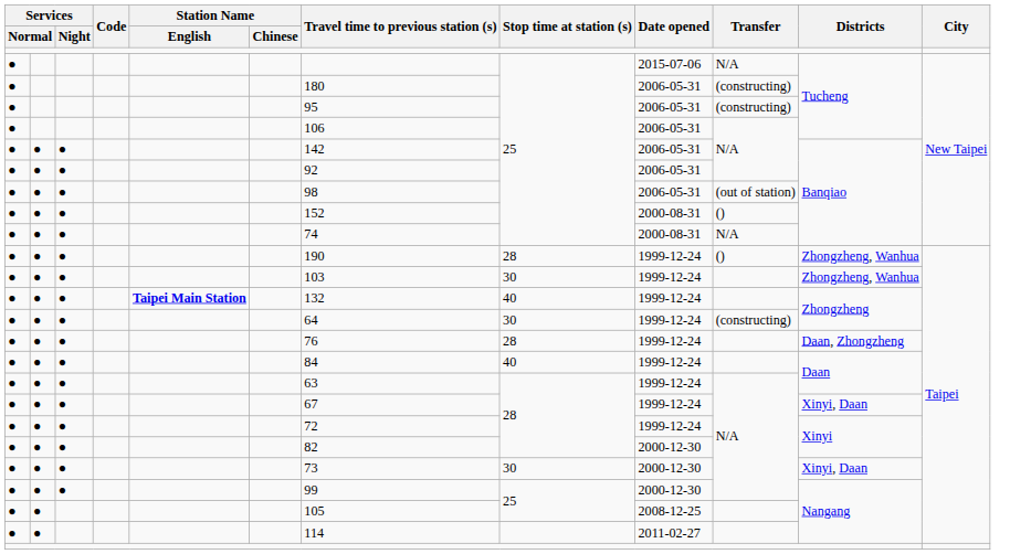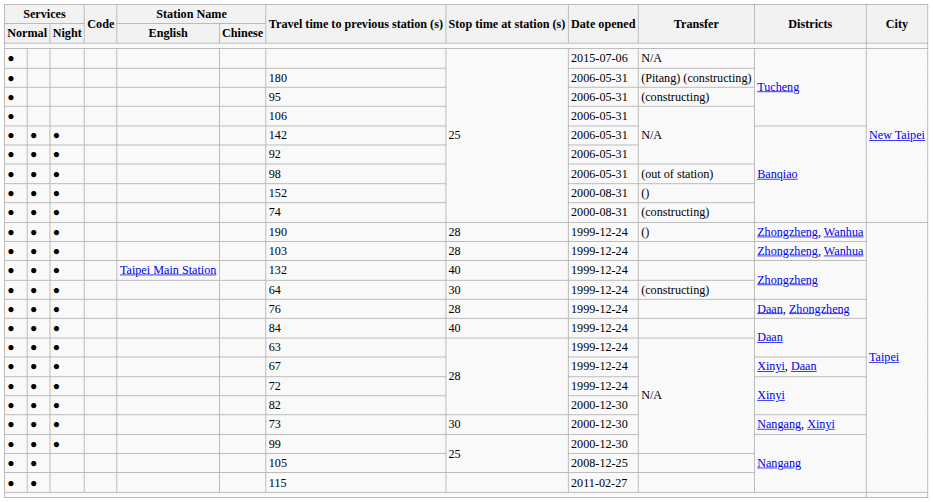 <table class="wikitable sortable">
 <tr>
 <th colspan="3">Services</th>
 <th rowspan="2">Code</th>
 <th colspan="2">Station Name</th>
 <th rowspan="2">Travel time to previous station (s)</th>
 <th rowspan="2">Stop time at station (s)</th>
 <th rowspan="2">Date opened</th>
 <th rowspan="2">Transfer</th>
 <th rowspan="2">Districts</th>
 <th rowspan="2">City</th>
 </tr>
 <tr>
 <th colspan="2">Normal</th>
 <th>Night</th>
 <th>English</th>
 <th>Chinese</th>
 </tr>
 <tr>
 <td colspan="11"></td>
 </tr>
 <tr>
 <td>●</td>
 <td></td>
 <td></td>
 <td></td>
 <td></td>
 <td></td>
 <td></td>
 <td rowspan="9">25</td>
 <td>2015-07-06</td>
 <td>N/A</td>
 <td rowspan="4"><a href='#'>Tucheng</a></td>
 <td rowspan="9"><a href='#'>New Taipei</a></td>
 </tr>
 <tr>
 <td>●</td>
 <td></td>
 <td></td>
 <td></td>
 <td></td>
 <td></td>
 <td>180</td>
 <td>2006-05-31</td>
-<td> (constructing)</td>
+<td> (Pitang) (constructing)</td>
 </tr>
 <tr>
 <td>●</td>
 <td></td>
 <td></td>
 <td></td>
 <td></td>
 <td></td>
 <td>95</td>
 <td>2006-05-31</td>
 <td> (constructing)</td>
 </tr>
 <tr>
 <td>●</td>
 <td></td>
 <td></td>
 <td></td>
 <td></td>
 <td></td>
 <td>106</td>
 <td>2006-05-31</td>
 <td rowspan="3">N/A</td>
 </tr>
 <tr>
 <td>●</td>
 <td>●</td>
 <td>●</td>
 <td></td>
 <td></td>
 <td></td>
 <td>142</td>
 <td>2006-05-31</td>
 <td rowspan="5"><a href='#'>Banqiao</a></td>
 </tr>
 <tr>
 <td>●</td>
 <td>●</td>
 <td>●</td>
 <td></td>
 <td></td>
 <td></td>
 <td>92</td>
 <td>2006-05-31</td>
 </tr>
 <tr>
 <td>●</td>
 <td>●</td>
 <td>●</td>
 <td></td>
 <td></td>
 <td></td>
 <td>98</td>
 <td>2006-05-31</td>
 <td> (out of station)  </td>
 </tr>
 <tr>
 <td>●</td>
 <td>●</td>
 <td>●</td>
 <td></td>
 <td></td>
 <td></td>
 <td>152</td>
 <td>2000-08-31</td>
 <td> ()</td>
 </tr>
 <tr>
 <td>●</td>
 <td>●</td>
 <td>●</td>
 <td></td>
 <td></td>
 <td></td>
 <td>74</td>
 <td>2000-08-31</td>
-<td>N/A</td>
+<td> (constructing)</td>
 </tr>
 <tr>
 <td>●</td>
 <td>●</td>
 <td>●</td>
 <td></td>
 <td></td>
 <td></td>
 <td>190</td>
 <td>28</td>
 <td>1999-12-24</td>
 <td> ()</td>
 <td><a href='#'>Zhongzheng</a>, <a href='#'>Wanhua</a></td>
 <td rowspan="14"><a href='#'>Taipei</a></td>
 </tr>
 <tr>
 <td>●</td>
 <td>●</td>
 <td>●</td>
 <td></td>
 <td></td>
 <td></td>
 <td>103</td>
-<td>30</td>
+<td>28</td>
 <td>1999-12-24</td>
 <td></td>
 <td><a href='#'>Zhongzheng</a>, <a href='#'>Wanhua</a></td>
 </tr>
 <tr>
 <td>●</td>
 <td>●</td>
 <td>●</td>
 <td></td>
-<td><strong><a href='#'>Taipei Main Station</a></strong></td>
+<td><a href='#'>Taipei Main Station</a></td>
 <td></td>
 <td>132</td>
 <td>40</td>
 <td>1999-12-24</td>
 <td>   </td>
 <td rowspan="2"><a href='#'>Zhongzheng</a></td>
 </tr>
 <tr>
 <td>●</td>
 <td>●</td>
 <td>●</td>
 <td></td>
 <td></td>
 <td></td>
 <td>64</td>
 <td>30</td>
 <td>1999-12-24</td>
 <td> (constructing)</td>
 </tr>
 <tr>
 <td>●</td>
 <td>●</td>
 <td>●</td>
 <td></td>
 <td></td>
 <td></td>
 <td>76</td>
 <td>28</td>
 <td>1999-12-24</td>
 <td></td>
 <td><a href='#'>Daan</a>, <a href='#'>Zhongzheng</a></td>
 </tr>
 <tr>
 <td>●</td>
 <td>●</td>
 <td>●</td>
 <td></td>
 <td></td>
 <td></td>
 <td>84</td>
 <td>40</td>
 <td>1999-12-24</td>
 <td></td>
 <td rowspan="2"><a href='#'>Daan</a></td>
 </tr>
 <tr>
 <td>●</td>
 <td>●</td>
 <td>●</td>
 <td></td>
 <td></td>
 <td></td>
 <td>63</td>
 <td rowspan="4">28</td>
 <td>1999-12-24</td>
 <td rowspan="6">N/A</td>
 </tr>
 <tr>
 <td>●</td>
 <td>●</td>
 <td>●</td>
 <td></td>
 <td></td>
 <td></td>
 <td>67</td>
 <td>1999-12-24</td>
 <td><a href='#'>Xinyi</a>, <a href='#'>Daan</a></td>
 </tr>
 <tr>
 <td>●</td>
 <td>●</td>
 <td>●</td>
 <td></td>
 <td></td>
 <td></td>
 <td>72</td>
 <td>1999-12-24</td>
 <td rowspan="2"><a href='#'>Xinyi</a></td>
 </tr>
 <tr>
 <td>●</td>
 <td>●</td>
 <td>●</td>
 <td></td>
 <td></td>
 <td></td>
 <td>82</td>
 <td>2000-12-30</td>
 </tr>
 <tr>
 <td>●</td>
 <td>●</td>
 <td>●</td>
 <td></td>
 <td></td>
 <td></td>
 <td>73</td>
 <td>30</td>
 <td>2000-12-30</td>
-<td><a href='#'>Xinyi</a>, <a href='#'>Daan</a></td>
+<td><a href='#'>Nangang</a>, <a href='#'>Xinyi</a></td>
 </tr>
 <tr>
 <td>●</td>
 <td>●</td>
 <td>●</td>
 <td></td>
 <td></td>
 <td></td>
 <td>99</td>
 <td rowspan="2">25</td>
 <td>2000-12-30</td>
 <td rowspan="3"><a href='#'>Nangang</a></td>
 </tr>
 <tr>
 <td>●</td>
 <td>●</td>
 <td></td>
 <td></td>
 <td></td>
 <td></td>
 <td>105</td>
 <td>2008-12-25</td>
 <td> </td>
 </tr>
 <tr>
 <td>●</td>
 <td>●</td>
 <td></td>
 <td></td>
 <td></td>
 <td></td>
-<td>114</td>
+<td>115</td>
 <td></td>
 <td>2011-02-27</td>
 <td></td>
 </tr>
 <tr>
 <td colspan="11"></td>
 </tr>
 </table>
